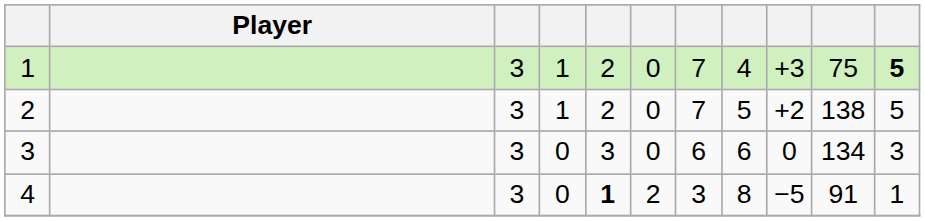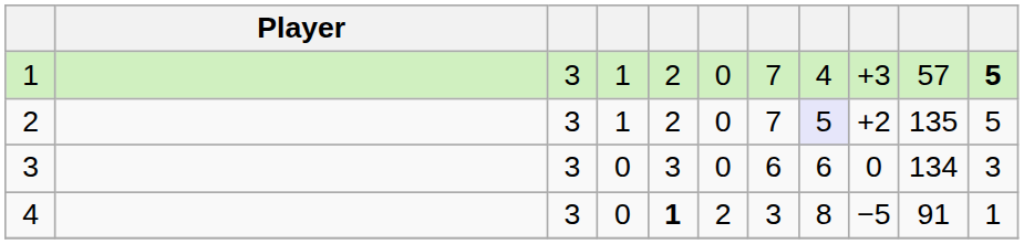 <table class="wikitable" style="text-align:center;">
 <tr>
 <th width=20></th>
 <th width=260>Player</th>
 <th width=20></th>
 <th width=20></th>
 <th width=20></th>
 <th width=20></th>
 <th width=20></th>
 <th width=20></th>
 <th width=20></th>
 <th width=30></th>
 <th width=20></th>
 </tr>
 <tr style="background:#D0F0C0;">
 <td>1</td>
 <td align=left> <small></small></td>
 <td>3</td>
 <td>1</td>
 <td>2</td>
 <td>0</td>
 <td>7</td>
 <td>4</td>
 <td>+3</td>
-<td>75</td>
+<td>57</td>
 <td><strong>5</strong></td>
 </tr>
 <tr>
 <td>2</td>
 <td align=left> <small></small></td>
 <td>3</td>
 <td>1</td>
 <td>2</td>
 <td>0</td>
 <td>7</td>
-<td>5</td>
+<td style="background: lavender;">5</td>
 <td>+2</td>
-<td>138</td>
+<td>135</td>
 <td>5</td>
 </tr>
 <tr>
 <td>3</td>
 <td align=left> <small></small></td>
 <td>3</td>
 <td>0</td>
 <td>3</td>
 <td>0</td>
 <td>6</td>
 <td>6</td>
 <td>0</td>
 <td>134</td>
 <td>3</td>
 </tr>
 <tr>
 <td>4</td>
 <td align=left> <small></small></td>
 <td>3</td>
 <td>0</td>
 <td><strong>1</strong></td>
 <td>2</td>
 <td>3</td>
 <td>8</td>
 <td>−5</td>
 <td>91</td>
 <td>1</td>
 </tr>
 <tr>
 </tr>
 </table>
